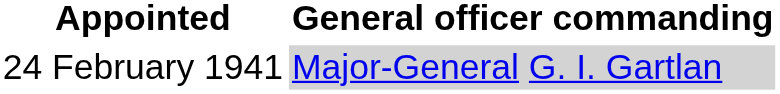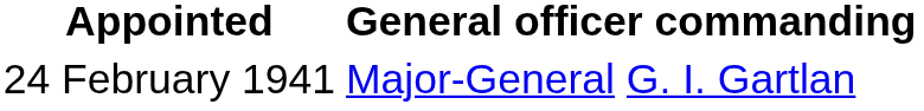 <table>
 <tr>
 <th>Appointed</th>
 <th>General officer commanding</th>
 </tr>
 <tr>
 <td>24 February 1941</td>
-<td style="background: lightgrey;"><a href='#'>Major-General</a> <a href='#'>G. I. Gartlan</a></td>
+<td><a href='#'>Major-General</a> <a href='#'>G. I. Gartlan</a></td>
 </tr>
 </table>
